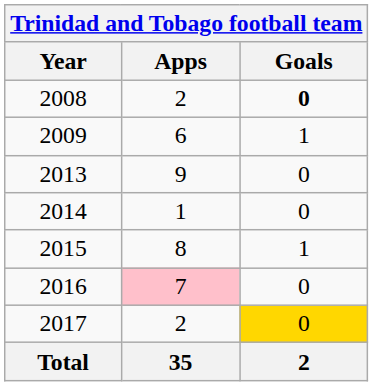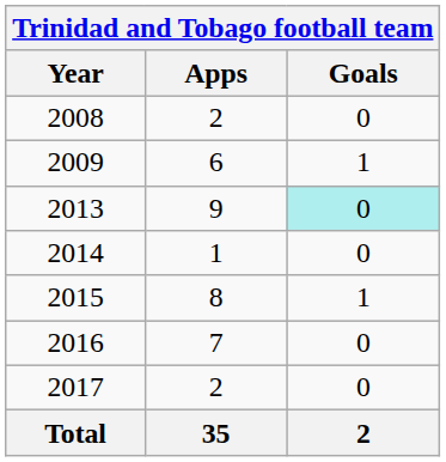 <table class="wikitable" style="text-align:center">
 <tr>
 <th colspan=3><a href='#'>Trinidad and Tobago football team</a></th>
 </tr>
 <tr>
 <th>Year</th>
 <th>Apps</th>
 <th>Goals</th>
 </tr>
 <tr>
 <td>2008</td>
 <td>2</td>
-<td><strong>0</strong></td>
+<td>0</td>
 </tr>
 <tr>
 <td>2009</td>
 <td>6</td>
 <td>1</td>
 </tr>
 <tr>
 <td>2013</td>
 <td>9</td>
-<td>0</td>
+<td style="background: paleturquoise;">0</td>
 </tr>
 <tr>
 <td>2014</td>
 <td>1</td>
 <td>0</td>
 </tr>
 <tr>
 <td>2015</td>
 <td>8</td>
 <td>1</td>
 </tr>
 <tr>
 <td>2016</td>
-<td style="background: pink;">7</td>
+<td>7</td>
 <td>0</td>
 </tr>
 <tr>
 <td>2017</td>
 <td>2</td>
-<td style="background: gold;">0</td>
+<td>0</td>
 </tr>
 <tr>
 <th>Total</th>
 <th>35</th>
 <th>2</th>
 </tr>
 </table>
